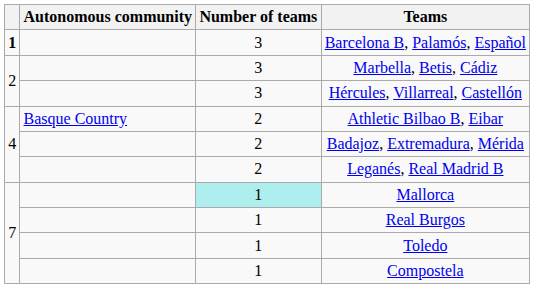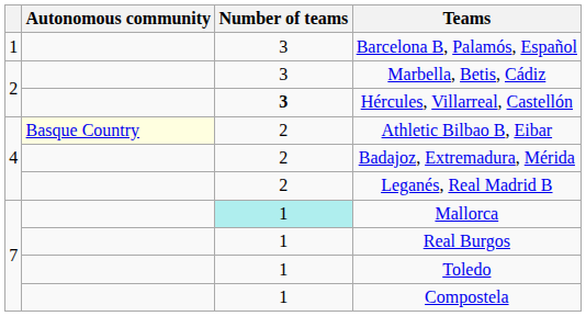 <table class="wikitable">
 <tr>
 <th></th>
 <th>Autonomous community</th>
 <th>Number of teams</th>
 <th>Teams</th>
 </tr>
 <tr>
-<td><strong>1</strong></td>
+<td>1</td>
 <td></td>
 <td align=center>3</td>
 <td align=center><a href='#'>Barcelona B</a>, <a href='#'>Palamós</a>, <a href='#'>Español</a></td>
 </tr>
 <tr>
 <td rowspan=2>2</td>
 <td></td>
 <td align=center>3</td>
 <td align=center><a href='#'>Marbella</a>, <a href='#'>Betis</a>, <a href='#'>Cádiz</a></td>
 </tr>
 <tr>
 <td></td>
-<td align=center>3</td>
+<td align=center><strong>3</strong></td>
 <td align=center><a href='#'>Hércules</a>, <a href='#'>Villarreal</a>, <a href='#'>Castellón</a></td>
 </tr>
 <tr>
 <td rowspan=3>4</td>
-<td> <a href='#'>Basque Country</a></td>
+<td style="background: lightyellow;"> <a href='#'>Basque Country</a></td>
 <td align=center>2</td>
 <td align=center><a href='#'>Athletic Bilbao B</a>, <a href='#'>Eibar</a></td>
 </tr>
 <tr>
 <td></td>
 <td align=center>2</td>
 <td align=center><a href='#'>Badajoz</a>, <a href='#'>Extremadura</a>, <a href='#'>Mérida</a></td>
 </tr>
 <tr>
 <td></td>
 <td align=center>2</td>
 <td align=center><a href='#'>Leganés</a>, <a href='#'>Real Madrid B</a></td>
 </tr>
 <tr>
 <td rowspan=4>7</td>
 <td></td>
 <td align=center style="background: paleturquoise;">1</td>
 <td align=center><a href='#'>Mallorca</a></td>
 </tr>
 <tr>
 <td></td>
 <td align=center>1</td>
 <td align=center><a href='#'>Real Burgos</a></td>
 </tr>
 <tr>
 <td></td>
 <td align=center>1</td>
 <td align=center><a href='#'>Toledo</a></td>
 </tr>
 <tr>
 <td></td>
 <td align=center>1</td>
 <td align=center><a href='#'>Compostela</a></td>
 </tr>
 <tr>
 </tr>
 </table>
